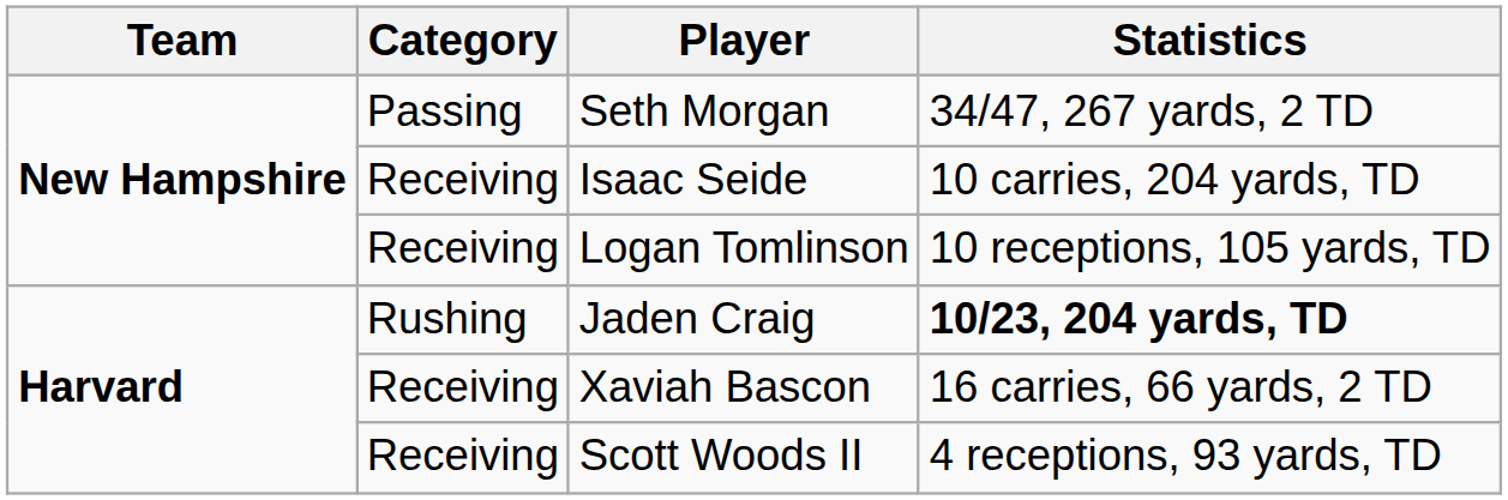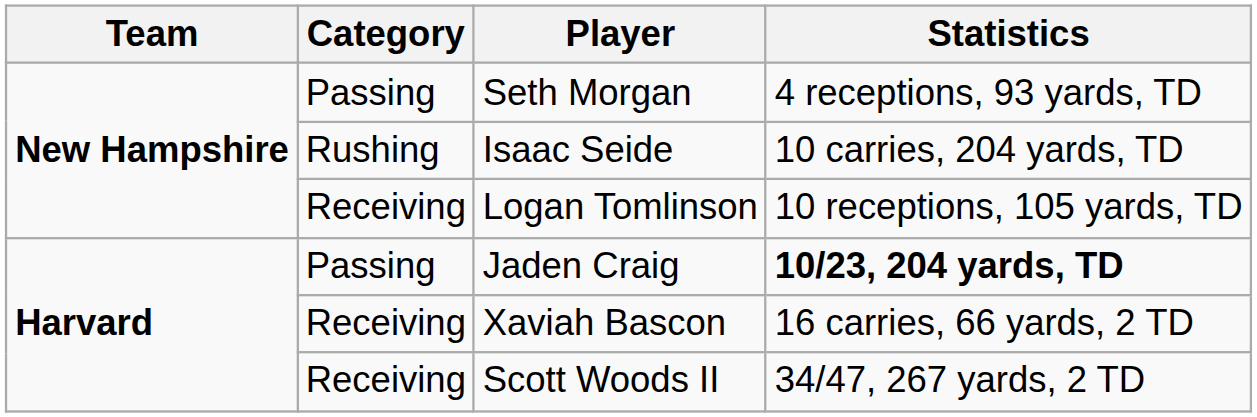 <table class="wikitable" style="float: right;">
 <tr>
 <th>Team</th>
 <th>Category</th>
 <th>Player</th>
 <th>Statistics</th>
 </tr>
 <tr>
 <td rowspan=3><strong>New Hampshire</strong></td>
 <td>Passing</td>
 <td>Seth Morgan</td>
-<td>34/47, 267 yards, 2 TD</td>
+<td>4 receptions, 93 yards, TD</td>
 </tr>
 <tr>
-<td>Receiving</td>
+<td>Rushing</td>
 <td>Isaac Seide</td>
 <td>10 carries, 204 yards, TD</td>
 </tr>
 <tr>
 <td>Receiving</td>
 <td>Logan Tomlinson</td>
 <td>10 receptions, 105 yards, TD</td>
 </tr>
 <tr>
 <td rowspan=3><strong>Harvard</strong></td>
-<td>Rushing</td>
+<td>Passing</td>
 <td>Jaden Craig</td>
 <td><strong>10/23, 204 yards, TD</strong></td>
 </tr>
 <tr>
 <td>Receiving</td>
 <td>Xaviah Bascon</td>
 <td>16 carries, 66 yards, 2 TD</td>
 </tr>
 <tr>
 <td>Receiving</td>
 <td>Scott Woods II</td>
-<td>4 receptions, 93 yards, TD</td>
+<td>34/47, 267 yards, 2 TD</td>
 </tr>
 </table>
